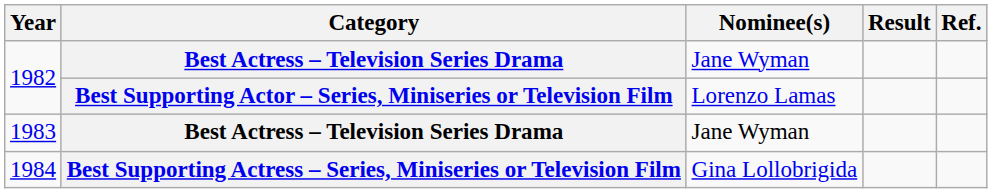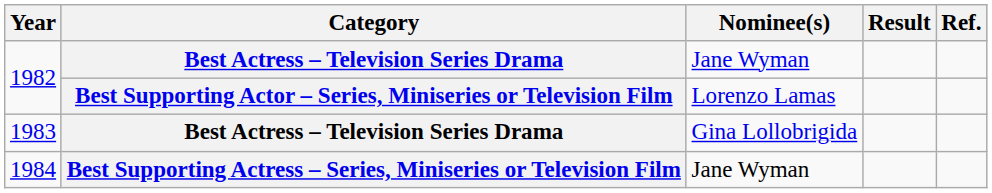 <table class="wikitable plainrowheaders">
 <tr>
 <th scope="col">Year</th>
 <th scope="col">Category</th>
 <th scope="col">Nominee(s)</th>
 <th scope="col">Result</th>
 <th scope="col">Ref.</th>
 </tr>
 <tr>
 <td rowspan="2"><a href='#'>1982</a></td>
 <th scope="row"><a href='#'>Best Actress – Television Series Drama</a></th>
 <td><a href='#'>Jane Wyman</a></td>
 <td></td>
 <td></td>
 </tr>
 <tr>
 <th scope="row"><a href='#'>Best Supporting Actor – Series, Miniseries or Television Film</a></th>
 <td><a href='#'>Lorenzo Lamas</a></td>
 <td></td>
 <td></td>
 </tr>
 <tr>
 <td><a href='#'>1983</a></td>
 <th scope="row">Best Actress – Television Series Drama</th>
-<td>Jane Wyman</td>
+<td><a href='#'>Gina Lollobrigida</a></td>
 <td></td>
 <td></td>
 </tr>
 <tr>
 <td><a href='#'>1984</a></td>
 <th scope="row"><a href='#'>Best Supporting Actress – Series, Miniseries or Television Film</a></th>
-<td><a href='#'>Gina Lollobrigida</a></td>
+<td>Jane Wyman</td>
 <td></td>
 <td></td>
 </tr>
 </table>
